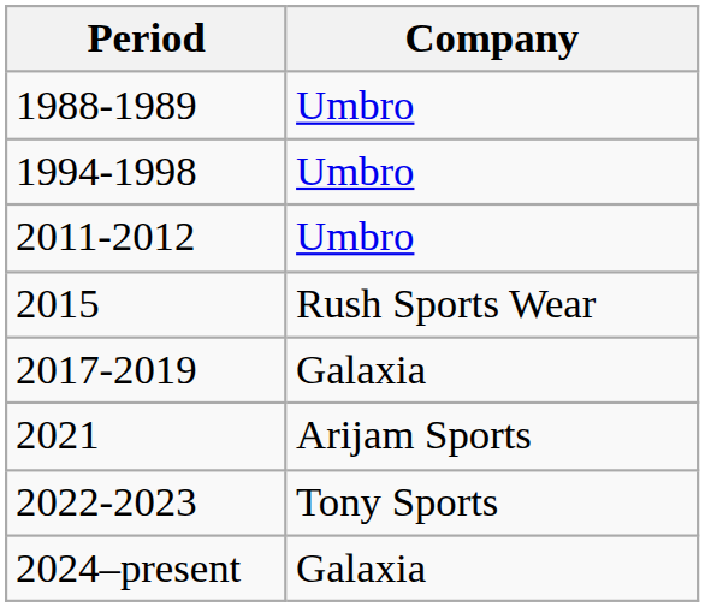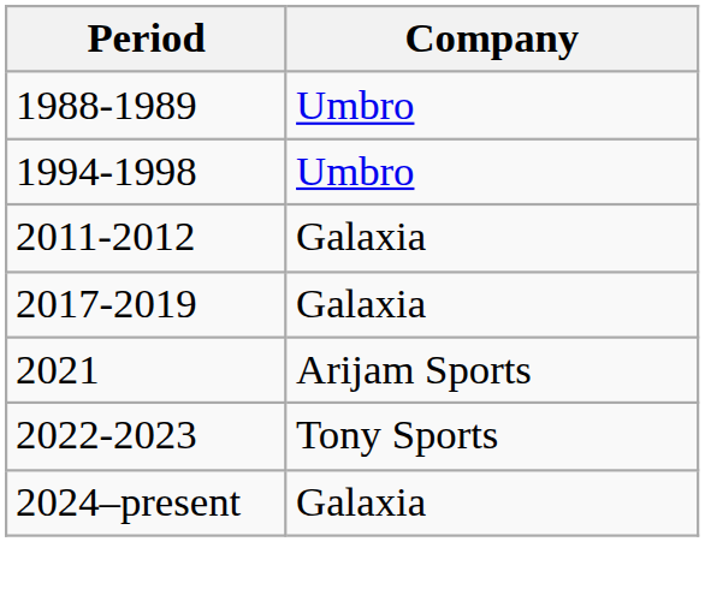 <table class="wikitable sortable">
 <tr>
 <th style="width:100px;">Period</th>
 <th style="width:150px;">Company</th>
 </tr>
 <tr>
 <td>1988-1989</td>
 <td> <a href='#'>Umbro</a></td>
 </tr>
 <tr>
 <td>1994-1998</td>
 <td> <a href='#'>Umbro</a></td>
 </tr>
 <tr>
 <td>2011-2012</td>
-<td> <a href='#'>Umbro</a></td>
-</tr>
-<tr>
-<td>2015</td>
-<td> Rush Sports Wear</td>
+<td> Galaxia</td>
 </tr>
 <tr>
 <td>2017-2019</td>
 <td> Galaxia</td>
 </tr>
 <tr>
 <td>2021</td>
 <td> Arijam Sports</td>
 </tr>
 <tr>
 <td>2022-2023</td>
 <td> Tony Sports</td>
 </tr>
 <tr>
 <td>2024–present</td>
 <td> Galaxia</td>
 </tr>
 </table>
